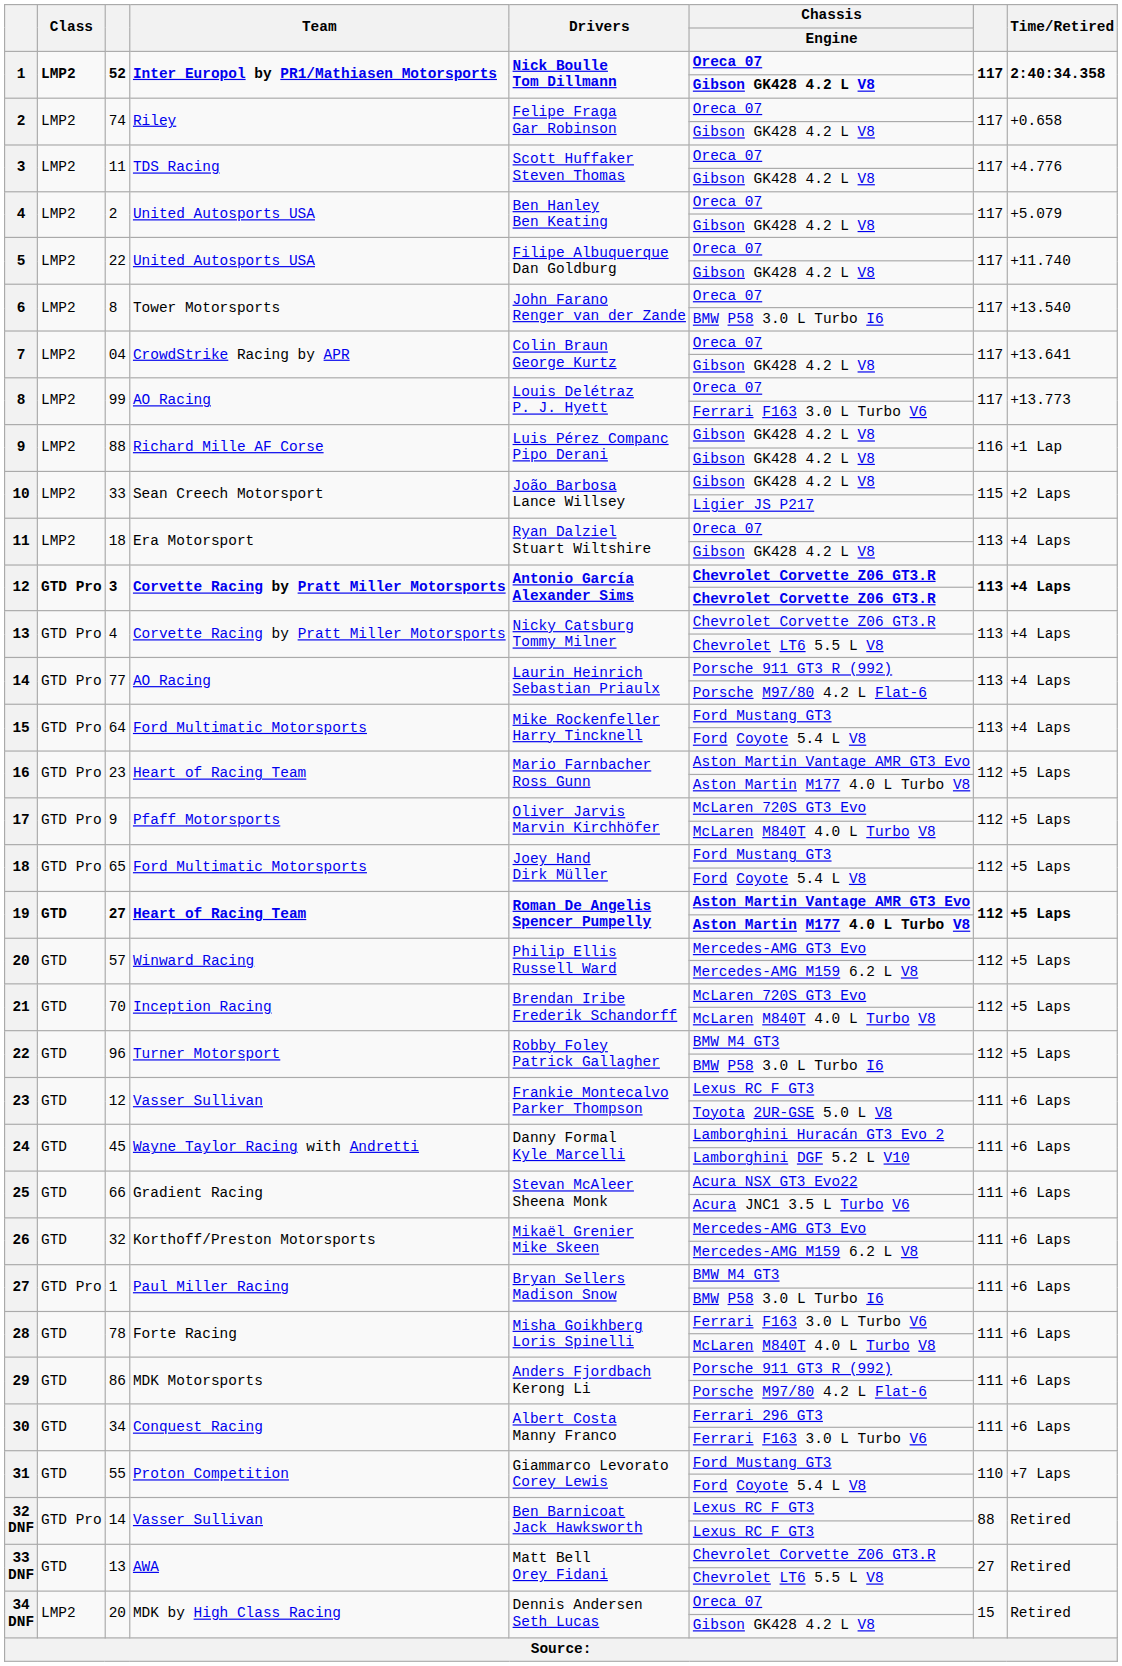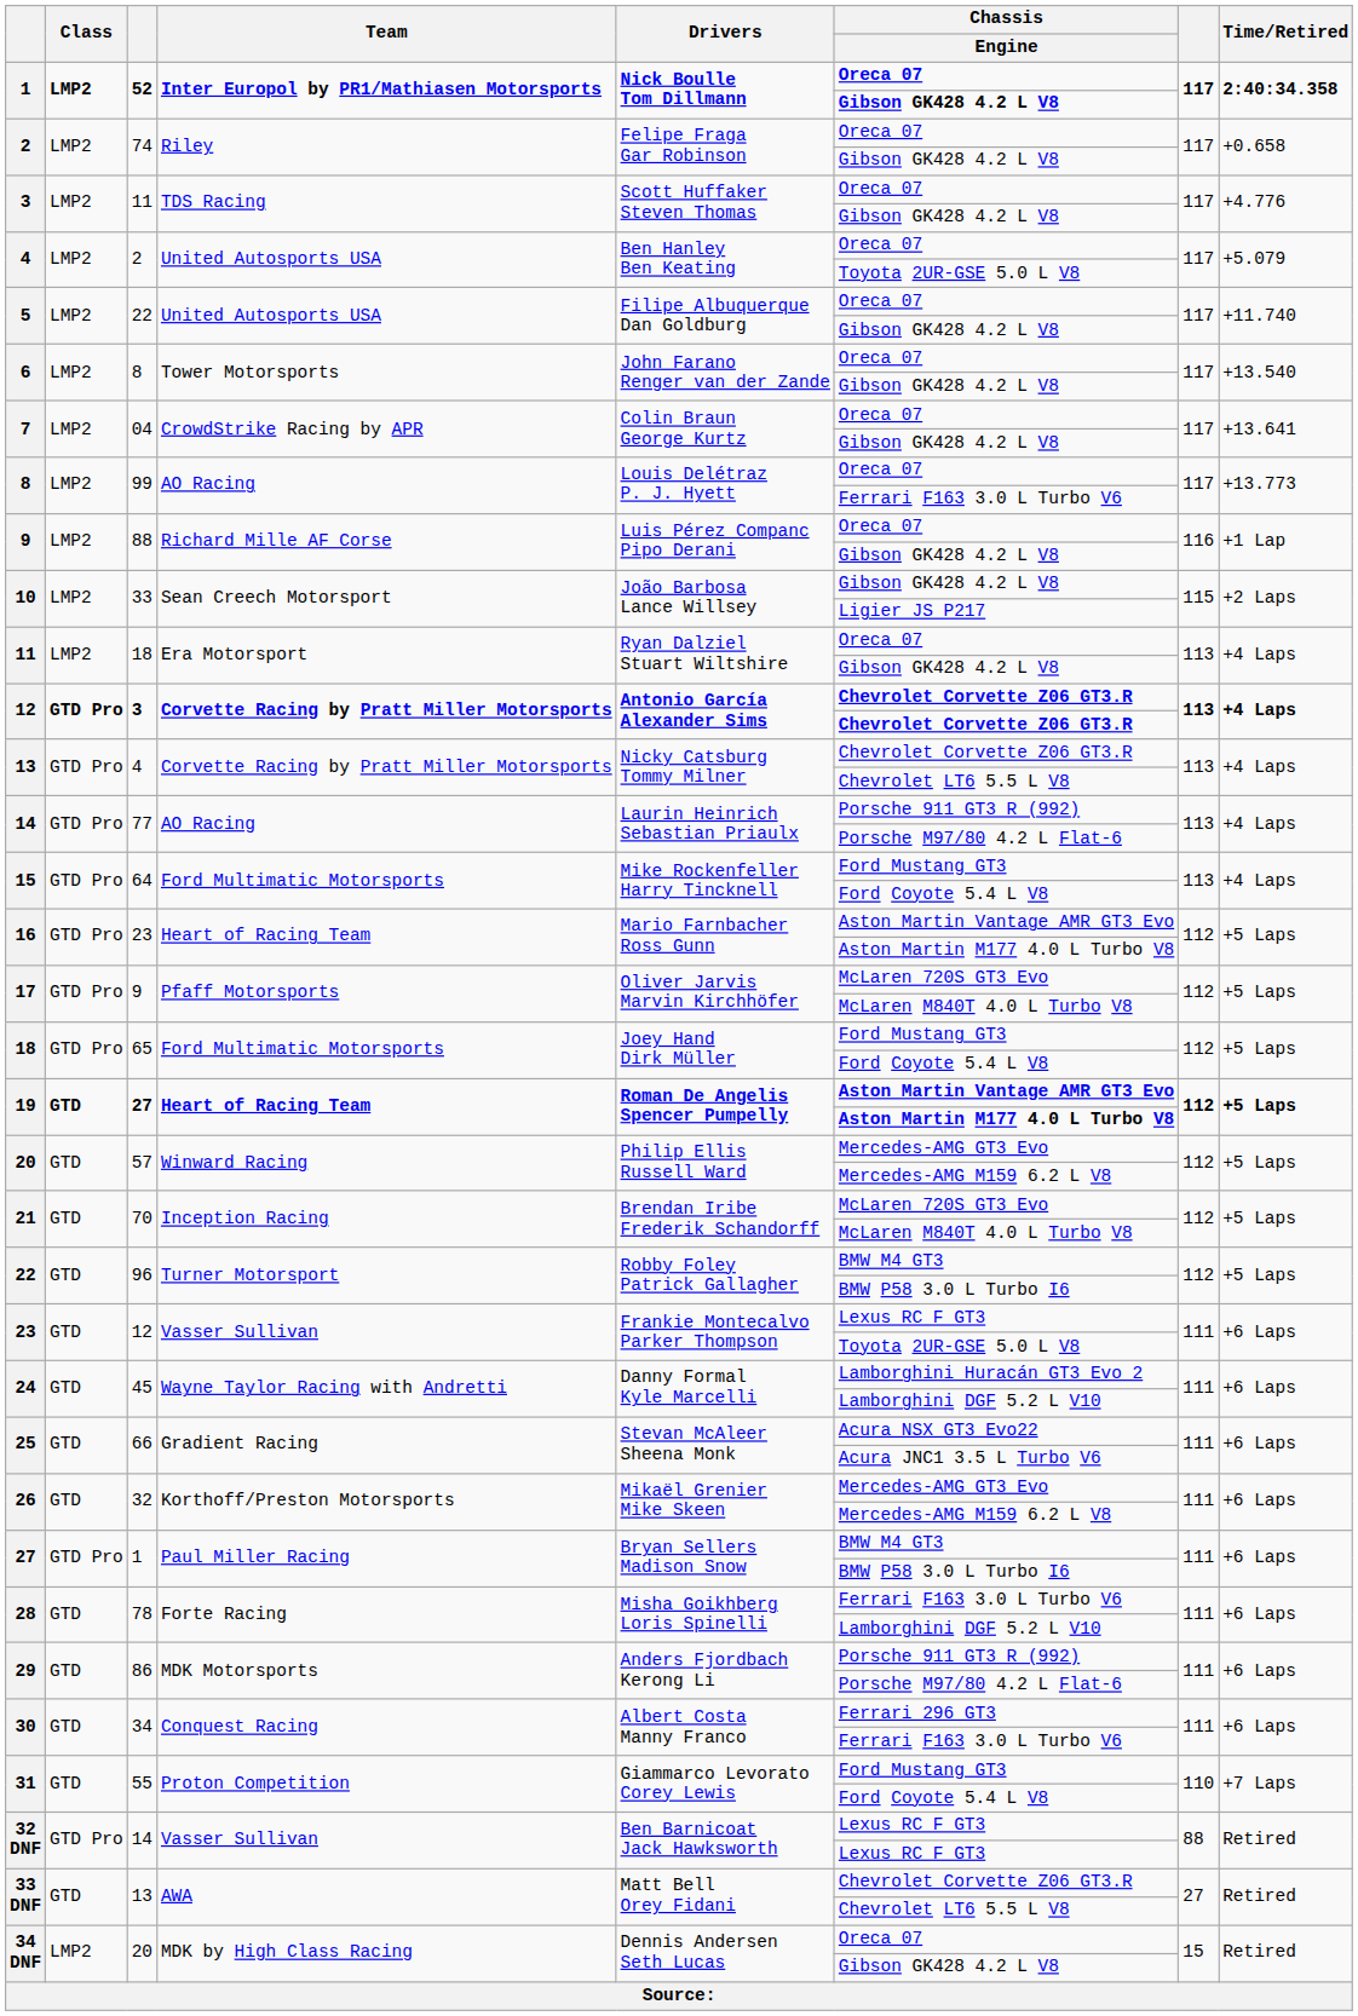 <table class="wikitable" style="font-size:95%;">
 <tr>
 <th rowspan=2></th>
 <th rowspan=2>Class</th>
 <th rowspan=2></th>
 <th rowspan=2>Team</th>
 <th rowspan=2>Drivers</th>
 <th>Chassis</th>
 <th rowspan=2></th>
 <th rowspan=2>Time/Retired</th>
 </tr>
 <tr>
 <th>Engine</th>
 </tr>
 <tr style="font-weight:bold;">
 <th rowspan=2>1</th>
 <td rowspan=2>LMP2</td>
 <td rowspan=2>52</td>
 <td rowspan=2> <a href='#'>Inter Europol</a> by <a href='#'>PR1/Mathiasen Motorsports</a></td>
 <td rowspan=2> <a href='#'>Nick Boulle</a><br> <a href='#'>Tom Dillmann</a></td>
 <td><a href='#'>Oreca 07</a></td>
 <td rowspan=2>117</td>
 <td rowspan=2>2:40:34.358</td>
 </tr>
 <tr style="font-weight:bold;">
 <td><a href='#'>Gibson</a> GK428 4.2 L <a href='#'>V8</a></td>
 </tr>
 <tr>
 <th rowspan=2>2</th>
 <td rowspan=2>LMP2</td>
 <td rowspan=2>74</td>
 <td rowspan=2> <a href='#'>Riley</a></td>
 <td rowspan=2> <a href='#'>Felipe Fraga</a><br> <a href='#'>Gar Robinson</a></td>
 <td><a href='#'>Oreca 07</a></td>
 <td rowspan=2>117</td>
 <td rowspan=2>+0.658</td>
 </tr>
 <tr>
 <td><a href='#'>Gibson</a> GK428 4.2 L <a href='#'>V8</a></td>
 </tr>
 <tr>
 <th rowspan=2>3</th>
 <td rowspan=2>LMP2</td>
 <td rowspan=2>11</td>
 <td rowspan=2> <a href='#'>TDS Racing</a></td>
 <td rowspan=2> <a href='#'>Scott Huffaker</a><br> <a href='#'>Steven Thomas</a></td>
 <td><a href='#'>Oreca 07</a></td>
 <td rowspan=2>117</td>
 <td rowspan=2>+4.776</td>
 </tr>
 <tr>
 <td><a href='#'>Gibson</a> GK428 4.2 L <a href='#'>V8</a></td>
 </tr>
 <tr>
 <th rowspan=2>4</th>
 <td rowspan=2>LMP2</td>
 <td rowspan=2>2</td>
 <td rowspan=2> <a href='#'>United Autosports USA</a></td>
 <td rowspan=2> <a href='#'>Ben Hanley</a><br> <a href='#'>Ben Keating</a></td>
 <td><a href='#'>Oreca 07</a></td>
 <td rowspan=2>117</td>
 <td rowspan=2>+5.079</td>
 </tr>
 <tr>
-<td><a href='#'>Gibson</a> GK428 4.2 L <a href='#'>V8</a></td>
+<td><a href='#'>Toyota</a> <a href='#'>2UR-GSE</a> 5.0 L <a href='#'>V8</a></td>
 </tr>
 <tr>
 <th rowspan=2>5</th>
 <td rowspan=2>LMP2</td>
 <td rowspan=2>22</td>
 <td rowspan=2> <a href='#'>United Autosports USA</a></td>
 <td rowspan=2> <a href='#'>Filipe Albuquerque</a><br> Dan Goldburg</td>
 <td><a href='#'>Oreca 07</a></td>
 <td rowspan=2>117</td>
 <td rowspan=2>+11.740</td>
 </tr>
 <tr>
 <td><a href='#'>Gibson</a> GK428 4.2 L <a href='#'>V8</a></td>
 </tr>
 <tr>
 <th rowspan=2>6</th>
 <td rowspan=2>LMP2</td>
 <td rowspan=2>8</td>
 <td rowspan=2> Tower Motorsports</td>
 <td rowspan=2> <a href='#'>John Farano</a><br> <a href='#'>Renger van der Zande</a></td>
 <td><a href='#'>Oreca 07</a></td>
 <td rowspan=2>117</td>
 <td rowspan=2>+13.540</td>
 </tr>
 <tr>
-<td><a href='#'>BMW</a> <a href='#'>P58</a> 3.0 L Turbo <a href='#'>I6</a></td>
+<td><a href='#'>Gibson</a> GK428 4.2 L <a href='#'>V8</a></td>
 </tr>
 <tr>
 <th rowspan=2>7</th>
 <td rowspan=2>LMP2</td>
 <td rowspan=2>04</td>
 <td rowspan=2> <a href='#'>CrowdStrike</a> Racing by <a href='#'>APR</a></td>
 <td rowspan=2> <a href='#'>Colin Braun</a><br> <a href='#'>George Kurtz</a></td>
 <td><a href='#'>Oreca 07</a></td>
 <td rowspan=2>117</td>
 <td rowspan=2>+13.641</td>
 </tr>
 <tr>
 <td><a href='#'>Gibson</a> GK428 4.2 L <a href='#'>V8</a></td>
 </tr>
 <tr>
 <th rowspan=2>8</th>
 <td rowspan=2>LMP2</td>
 <td rowspan=2>99</td>
 <td rowspan=2> <a href='#'>AO Racing</a></td>
 <td rowspan=2> <a href='#'>Louis Delétraz</a><br> <a href='#'>P. J. Hyett</a></td>
 <td><a href='#'>Oreca 07</a></td>
 <td rowspan=2>117</td>
 <td rowspan=2>+13.773</td>
 </tr>
 <tr>
 <td><a href='#'>Ferrari</a> <a href='#'>F163</a> 3.0 L Turbo <a href='#'>V6</a></td>
 </tr>
 <tr>
 <th rowspan=2>9</th>
 <td rowspan=2>LMP2</td>
 <td rowspan=2>88</td>
 <td rowspan=2> <a href='#'>Richard Mille AF Corse</a></td>
 <td rowspan=2> <a href='#'>Luis Pérez Companc</a><br> <a href='#'>Pipo Derani</a></td>
-<td><a href='#'>Gibson</a> GK428 4.2 L <a href='#'>V8</a></td>
+<td><a href='#'>Oreca 07</a></td>
 <td rowspan=2>116</td>
 <td rowspan=2>+1 Lap</td>
 </tr>
 <tr>
 <td><a href='#'>Gibson</a> GK428 4.2 L <a href='#'>V8</a></td>
 </tr>
 <tr>
 <th rowspan=2>10</th>
 <td rowspan=2>LMP2</td>
 <td rowspan=2>33</td>
 <td rowspan=2> Sean Creech Motorsport</td>
 <td rowspan=2> <a href='#'>João Barbosa</a><br> Lance Willsey</td>
 <td><a href='#'>Gibson</a> GK428 4.2 L <a href='#'>V8</a></td>
 <td rowspan=2>115</td>
 <td rowspan=2>+2 Laps</td>
 </tr>
 <tr>
 <td><a href='#'>Ligier JS P217</a></td>
 </tr>
 <tr>
 <th rowspan=2>11</th>
 <td rowspan=2>LMP2</td>
 <td rowspan=2>18</td>
 <td rowspan=2> Era Motorsport</td>
 <td rowspan=2> <a href='#'>Ryan Dalziel</a><br> Stuart Wiltshire</td>
 <td><a href='#'>Oreca 07</a></td>
 <td rowspan=2>113</td>
 <td rowspan=2>+4 Laps</td>
 </tr>
 <tr>
 <td><a href='#'>Gibson</a> GK428 4.2 L <a href='#'>V8</a></td>
 </tr>
 <tr style="font-weight:bold;">
 <th rowspan=2>12</th>
 <td rowspan=2>GTD Pro</td>
 <td rowspan=2>3</td>
 <td rowspan=2> <a href='#'>Corvette Racing</a> by <a href='#'>Pratt Miller Motorsports</a></td>
 <td rowspan=2> <a href='#'>Antonio García</a><br> <a href='#'>Alexander Sims</a></td>
 <td><a href='#'>Chevrolet Corvette Z06 GT3.R</a></td>
 <td rowspan=2>113</td>
 <td rowspan=2>+4 Laps</td>
 </tr>
 <tr style="font-weight:bold;">
 <td><a href='#'>Chevrolet Corvette Z06 GT3.R</a></td>
 </tr>
 <tr>
 <th rowspan=2>13</th>
 <td rowspan=2>GTD Pro</td>
 <td rowspan=2>4</td>
 <td rowspan=2> <a href='#'>Corvette Racing</a> by <a href='#'>Pratt Miller Motorsports</a></td>
 <td rowspan=2> <a href='#'>Nicky Catsburg</a><br> <a href='#'>Tommy Milner</a></td>
 <td><a href='#'>Chevrolet Corvette Z06 GT3.R</a></td>
 <td rowspan=2>113</td>
 <td rowspan=2>+4 Laps</td>
 </tr>
 <tr>
 <td><a href='#'>Chevrolet</a> <a href='#'>LT6</a> 5.5 L <a href='#'>V8</a></td>
 </tr>
 <tr>
 <th rowspan=2>14</th>
 <td rowspan=2>GTD Pro</td>
 <td rowspan=2>77</td>
 <td rowspan=2> <a href='#'>AO Racing</a></td>
 <td rowspan=2> <a href='#'>Laurin Heinrich</a><br> <a href='#'>Sebastian Priaulx</a></td>
 <td><a href='#'>Porsche 911 GT3 R (992)</a></td>
 <td rowspan=2>113</td>
 <td rowspan=2>+4 Laps</td>
 </tr>
 <tr>
 <td><a href='#'>Porsche</a> <a href='#'>M97/80</a> 4.2 L <a href='#'>Flat-6</a></td>
 </tr>
 <tr>
 <th rowspan=2>15</th>
 <td rowspan=2>GTD Pro</td>
 <td rowspan=2>64</td>
 <td rowspan=2> <a href='#'>Ford Multimatic Motorsports</a></td>
 <td rowspan=2> <a href='#'>Mike Rockenfeller</a><br> <a href='#'>Harry Tincknell</a></td>
 <td><a href='#'>Ford Mustang GT3</a></td>
 <td rowspan=2>113</td>
 <td rowspan=2>+4 Laps</td>
 </tr>
 <tr>
 <td><a href='#'>Ford</a> <a href='#'>Coyote</a> 5.4 L <a href='#'>V8</a></td>
 </tr>
 <tr>
 <th rowspan=2>16</th>
 <td rowspan=2>GTD Pro</td>
 <td rowspan=2>23</td>
 <td rowspan=2> <a href='#'>Heart of Racing Team</a></td>
 <td rowspan=2> <a href='#'>Mario Farnbacher</a><br> <a href='#'>Ross Gunn</a></td>
 <td><a href='#'>Aston Martin Vantage AMR GT3 Evo</a></td>
 <td rowspan=2>112</td>
 <td rowspan=2>+5 Laps</td>
 </tr>
 <tr>
 <td><a href='#'>Aston Martin</a> <a href='#'>M177</a> 4.0 L Turbo <a href='#'>V8</a></td>
 </tr>
 <tr>
 <th rowspan=2>17</th>
 <td rowspan=2>GTD Pro</td>
 <td rowspan=2>9</td>
 <td rowspan=2> <a href='#'>Pfaff Motorsports</a></td>
 <td rowspan=2> <a href='#'>Oliver Jarvis</a><br> <a href='#'>Marvin Kirchhöfer</a></td>
 <td><a href='#'>McLaren 720S GT3 Evo</a></td>
 <td rowspan=2>112</td>
 <td rowspan=2>+5 Laps</td>
 </tr>
 <tr>
 <td><a href='#'>McLaren</a> <a href='#'>M840T</a> 4.0 L <a href='#'>Turbo</a> <a href='#'>V8</a></td>
 </tr>
 <tr>
 <th rowspan=2>18</th>
 <td rowspan=2>GTD Pro</td>
 <td rowspan=2>65</td>
 <td rowspan=2> <a href='#'>Ford Multimatic Motorsports</a></td>
 <td rowspan=2> <a href='#'>Joey Hand</a><br> <a href='#'>Dirk Müller</a></td>
 <td><a href='#'>Ford Mustang GT3</a></td>
 <td rowspan=2>112</td>
 <td rowspan=2>+5 Laps</td>
 </tr>
 <tr>
 <td><a href='#'>Ford</a> <a href='#'>Coyote</a> 5.4 L <a href='#'>V8</a></td>
 </tr>
 <tr style="font-weight:bold;">
 <th rowspan=2>19</th>
 <td rowspan=2>GTD</td>
 <td rowspan=2>27</td>
 <td rowspan=2> <a href='#'>Heart of Racing Team</a></td>
 <td rowspan=2> <a href='#'>Roman De Angelis</a><br> <a href='#'>Spencer Pumpelly</a></td>
 <td><a href='#'>Aston Martin Vantage AMR GT3 Evo</a></td>
 <td rowspan=2>112</td>
 <td rowspan=2>+5 Laps</td>
 </tr>
 <tr style="font-weight:bold;">
 <td><a href='#'>Aston Martin</a> <a href='#'>M177</a> 4.0 L Turbo <a href='#'>V8</a></td>
 </tr>
 <tr>
 <th rowspan=2>20</th>
 <td rowspan=2>GTD</td>
 <td rowspan=2>57</td>
 <td rowspan=2> <a href='#'>Winward Racing</a></td>
 <td rowspan=2> <a href='#'>Philip Ellis</a><br> <a href='#'>Russell Ward</a></td>
 <td><a href='#'>Mercedes-AMG GT3 Evo</a></td>
 <td rowspan=2>112</td>
 <td rowspan=2>+5 Laps</td>
 </tr>
 <tr>
 <td><a href='#'>Mercedes-AMG M159</a> 6.2 L <a href='#'>V8</a></td>
 </tr>
 <tr>
 <th rowspan=2>21</th>
 <td rowspan=2>GTD</td>
 <td rowspan=2>70</td>
 <td rowspan=2> <a href='#'>Inception Racing</a></td>
 <td rowspan=2> <a href='#'>Brendan Iribe</a><br> <a href='#'>Frederik Schandorff</a></td>
 <td><a href='#'>McLaren 720S GT3 Evo</a></td>
 <td rowspan=2>112</td>
 <td rowspan=2>+5 Laps</td>
 </tr>
 <tr>
 <td><a href='#'>McLaren</a> <a href='#'>M840T</a> 4.0 L <a href='#'>Turbo</a> <a href='#'>V8</a></td>
 </tr>
 <tr>
 <th rowspan=2>22</th>
 <td rowspan=2>GTD</td>
 <td rowspan=2>96</td>
 <td rowspan=2> <a href='#'>Turner Motorsport</a></td>
 <td rowspan=2> <a href='#'>Robby Foley</a><br> <a href='#'>Patrick Gallagher</a></td>
 <td><a href='#'>BMW M4 GT3</a></td>
 <td rowspan=2>112</td>
 <td rowspan=2>+5 Laps</td>
 </tr>
 <tr>
 <td><a href='#'>BMW</a> <a href='#'>P58</a> 3.0 L Turbo <a href='#'>I6</a></td>
 </tr>
 <tr>
 <th rowspan=2>23</th>
 <td rowspan=2>GTD</td>
 <td rowspan=2>12</td>
 <td rowspan=2> <a href='#'>Vasser Sullivan</a></td>
 <td rowspan=2> <a href='#'>Frankie Montecalvo</a><br> <a href='#'>Parker Thompson</a></td>
 <td><a href='#'>Lexus RC F GT3</a></td>
 <td rowspan=2>111</td>
 <td rowspan=2>+6 Laps</td>
 </tr>
 <tr>
 <td><a href='#'>Toyota</a> <a href='#'>2UR-GSE</a> 5.0 L <a href='#'>V8</a></td>
 </tr>
 <tr>
 <th rowspan=2>24</th>
 <td rowspan=2>GTD</td>
 <td rowspan=2>45</td>
 <td rowspan=2> <a href='#'>Wayne Taylor Racing</a> with <a href='#'>Andretti</a></td>
 <td rowspan=2> Danny Formal<br> <a href='#'>Kyle Marcelli</a></td>
 <td><a href='#'>Lamborghini Huracán GT3 Evo 2</a></td>
 <td rowspan=2>111</td>
 <td rowspan=2>+6 Laps</td>
 </tr>
 <tr>
 <td><a href='#'>Lamborghini</a> <a href='#'>DGF</a> 5.2 L <a href='#'>V10</a></td>
 </tr>
 <tr>
 <th rowspan=2>25</th>
 <td rowspan=2>GTD</td>
 <td rowspan=2>66</td>
 <td rowspan=2> Gradient Racing</td>
 <td rowspan=2> <a href='#'>Stevan McAleer</a><br> Sheena Monk</td>
 <td><a href='#'>Acura NSX GT3 Evo22</a></td>
 <td rowspan=2>111</td>
 <td rowspan=2>+6 Laps</td>
 </tr>
 <tr>
 <td><a href='#'>Acura</a> JNC1 3.5 L <a href='#'>Turbo</a> <a href='#'>V6</a></td>
 </tr>
 <tr>
 <th rowspan=2>26</th>
 <td rowspan=2>GTD</td>
 <td rowspan=2>32</td>
 <td rowspan=2> Korthoff/Preston Motorsports</td>
 <td rowspan=2> <a href='#'>Mikaël Grenier</a><br> <a href='#'>Mike Skeen</a></td>
 <td><a href='#'>Mercedes-AMG GT3 Evo</a></td>
 <td rowspan=2>111</td>
 <td rowspan=2>+6 Laps</td>
 </tr>
 <tr>
 <td><a href='#'>Mercedes-AMG M159</a> 6.2 L <a href='#'>V8</a></td>
 </tr>
 <tr>
 <th rowspan=2>27</th>
 <td rowspan=2>GTD Pro</td>
 <td rowspan=2>1</td>
 <td rowspan=2> <a href='#'>Paul Miller Racing</a></td>
 <td rowspan=2> <a href='#'>Bryan Sellers</a><br> <a href='#'>Madison Snow</a></td>
 <td><a href='#'>BMW M4 GT3</a></td>
 <td rowspan=2>111</td>
 <td rowspan=2>+6 Laps</td>
 </tr>
 <tr>
 <td><a href='#'>BMW</a> <a href='#'>P58</a> 3.0 L Turbo <a href='#'>I6</a></td>
 </tr>
 <tr>
 <th rowspan=2>28</th>
 <td rowspan=2>GTD</td>
 <td rowspan=2>78</td>
 <td rowspan=2> Forte Racing</td>
 <td rowspan=2> <a href='#'>Misha Goikhberg</a><br> <a href='#'>Loris Spinelli</a></td>
 <td><a href='#'>Ferrari</a> <a href='#'>F163</a> 3.0 L Turbo <a href='#'>V6</a></td>
 <td rowspan=2>111</td>
 <td rowspan=2>+6 Laps</td>
 </tr>
 <tr>
-<td><a href='#'>McLaren</a> <a href='#'>M840T</a> 4.0 L <a href='#'>Turbo</a> <a href='#'>V8</a></td>
+<td><a href='#'>Lamborghini</a> <a href='#'>DGF</a> 5.2 L <a href='#'>V10</a></td>
 </tr>
 <tr>
 <th rowspan=2>29</th>
 <td rowspan=2>GTD</td>
 <td rowspan=2>86</td>
 <td rowspan=2> MDK Motorsports</td>
 <td rowspan=2> <a href='#'>Anders Fjordbach</a><br> Kerong Li</td>
 <td><a href='#'>Porsche 911 GT3 R (992)</a></td>
 <td rowspan=2>111</td>
 <td rowspan=2>+6 Laps</td>
 </tr>
 <tr>
 <td><a href='#'>Porsche</a> <a href='#'>M97/80</a> 4.2 L <a href='#'>Flat-6</a></td>
 </tr>
 <tr>
 <th rowspan=2>30</th>
 <td rowspan=2>GTD</td>
 <td rowspan=2>34</td>
 <td rowspan=2> <a href='#'>Conquest Racing</a></td>
 <td rowspan=2> <a href='#'>Albert Costa</a><br> Manny Franco</td>
 <td><a href='#'>Ferrari 296 GT3</a></td>
 <td rowspan=2>111</td>
 <td rowspan=2>+6 Laps</td>
 </tr>
 <tr>
 <td><a href='#'>Ferrari</a> <a href='#'>F163</a> 3.0 L Turbo <a href='#'>V6</a></td>
 </tr>
 <tr>
 <th rowspan=2>31</th>
 <td rowspan=2>GTD</td>
 <td rowspan=2>55</td>
 <td rowspan=2> <a href='#'>Proton Competition</a></td>
 <td rowspan=2> Giammarco Levorato<br> <a href='#'>Corey Lewis</a></td>
 <td><a href='#'>Ford Mustang GT3</a></td>
 <td rowspan=2>110</td>
 <td rowspan=2>+7 Laps</td>
 </tr>
 <tr>
 <td><a href='#'>Ford</a> <a href='#'>Coyote</a> 5.4 L <a href='#'>V8</a></td>
 </tr>
 <tr>
 <th rowspan=2>32<br>DNF</th>
 <td rowspan=2>GTD Pro</td>
 <td rowspan=2>14</td>
 <td rowspan=2> <a href='#'>Vasser Sullivan</a></td>
 <td rowspan=2> <a href='#'>Ben Barnicoat</a><br> <a href='#'>Jack Hawksworth</a></td>
 <td><a href='#'>Lexus RC F GT3</a></td>
 <td rowspan=2>88</td>
 <td rowspan=2>Retired</td>
 </tr>
 <tr>
 <td><a href='#'>Lexus RC F GT3</a></td>
 </tr>
 <tr>
 <th rowspan=2>33<br>DNF</th>
 <td rowspan=2>GTD</td>
 <td rowspan=2>13</td>
 <td rowspan=2> <a href='#'>AWA</a></td>
 <td rowspan=2> Matt Bell<br> <a href='#'>Orey Fidani</a></td>
 <td><a href='#'>Chevrolet Corvette Z06 GT3.R</a></td>
 <td rowspan=2>27</td>
 <td rowspan=2>Retired</td>
 </tr>
 <tr>
 <td><a href='#'>Chevrolet</a> <a href='#'>LT6</a> 5.5 L <a href='#'>V8</a></td>
 </tr>
 <tr>
 <th rowspan=2>34<br>DNF</th>
 <td rowspan=2>LMP2</td>
 <td rowspan=2>20</td>
 <td rowspan=2> MDK by <a href='#'>High Class Racing</a></td>
 <td rowspan=2> Dennis Andersen<br> <a href='#'>Seth Lucas</a></td>
 <td><a href='#'>Oreca 07</a></td>
 <td rowspan=2>15</td>
 <td rowspan=2>Retired</td>
 </tr>
 <tr>
 <td><a href='#'>Gibson</a> GK428 4.2 L <a href='#'>V8</a></td>
 </tr>
 <tr>
 <th colspan="8">Source:</th>
 </tr>
 </table>
